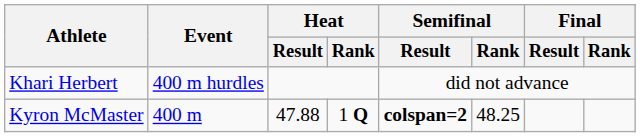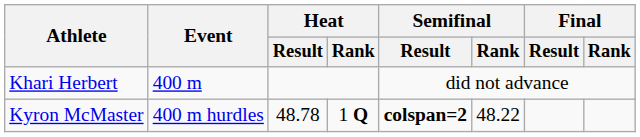 <table class="wikitable" style="font-size:90%">
 <tr>
 <th rowspan=2>Athlete</th>
 <th rowspan=2>Event</th>
 <th colspan=2>Heat</th>
 <th colspan=2>Semifinal</th>
 <th colspan=2>Final</th>
 </tr>
 <tr style="font-size:95%">
 <th>Result</th>
 <th>Rank</th>
 <th>Result</th>
 <th>Rank</th>
 <th>Result</th>
 <th>Rank</th>
 </tr>
 <tr align=center>
 <td align=left><a href='#'>Khari Herbert</a></td>
-<td align=left><a href='#'>400 m hurdles</a></td>
+<td align=left><a href='#'>400 m</a></td>
 <td colspan=2></td>
 <td colspan=4>did not advance</td>
 </tr>
 <tr align=center>
 <td align=left><a href='#'>Kyron McMaster</a></td>
-<td align=left><a href='#'>400 m</a></td>
-<td>47.88</td>
+<td align=left><a href='#'>400 m hurdles</a></td>
+<td>48.78</td>
 <td>1 <strong>Q</strong></td>
 <td><strong>colspan=2 </strong></td>
-<td>48.25</td>
+<td>48.22</td>
 <td></td>
 </tr>
 </table>
